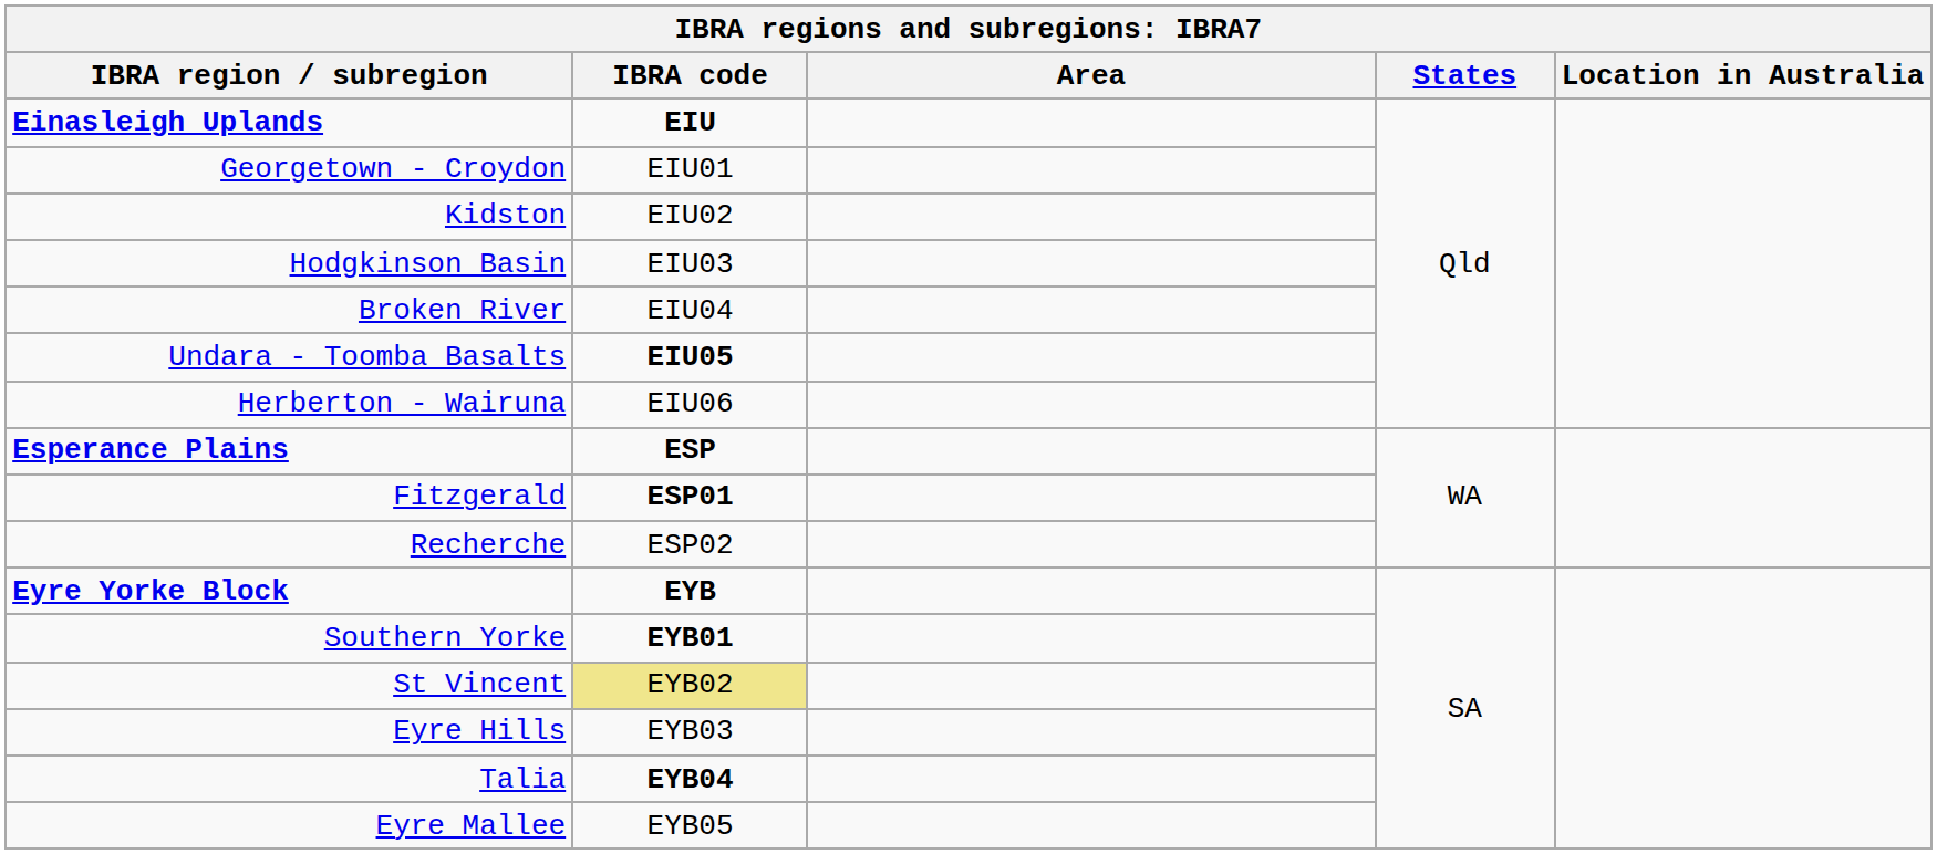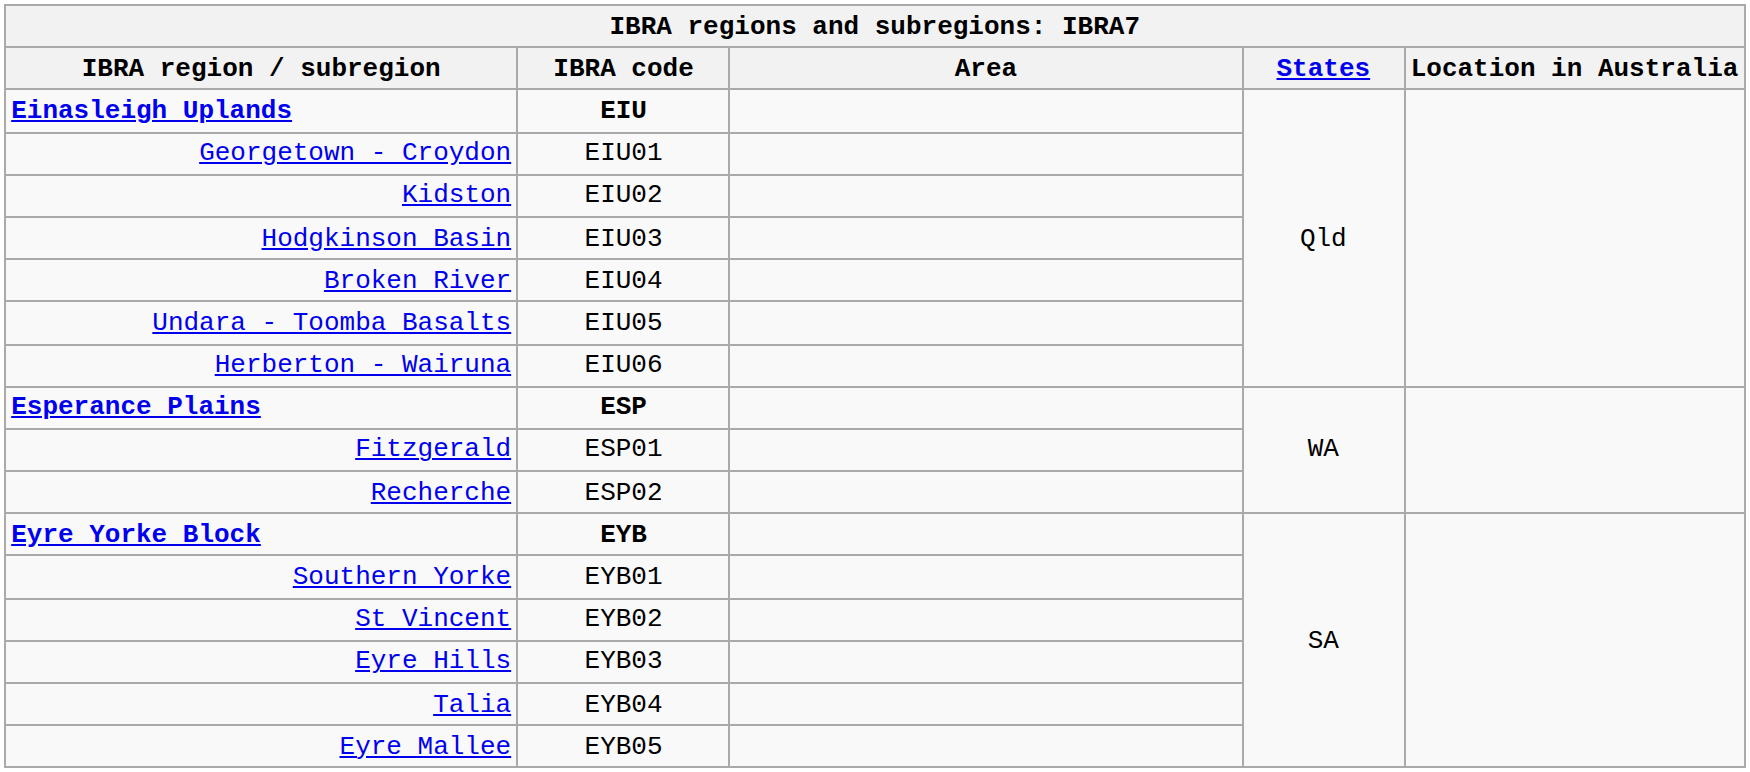 <table class="wikitable sortable">
 <tr>
 <th rowwidth=100px colspan=5>IBRA regions and subregions: IBRA7</th>
 </tr>
 <tr>
 <th scope="col" style="width:250px;">IBRA region / subregion</th>
 <th scope="col" style="width:100px;">IBRA code</th>
 <th scope="col" style="width:250px;">Area</th>
 <th scope="col" style="width:75px;"><a href='#'>States</a></th>
 <th>Location in Australia</th>
 </tr>
 <tr>
 <td><strong><a href='#'>Einasleigh Uplands</a></strong></td>
 <td style="text-align:center;"><strong>EIU</strong></td>
 <td align="right"><strong></strong></td>
 <td style="text-align:center;" rowspan="7">Qld</td>
 <td style="text-align:center;" rowspan="7"></td>
 </tr>
 <tr>
 <td align="right"><a href='#'>Georgetown - Croydon</a></td>
 <td style="text-align:center;">EIU01</td>
 <td align="right"></td>
 </tr>
 <tr>
 <td align="right"><a href='#'>Kidston</a></td>
 <td style="text-align:center;">EIU02</td>
 <td align="right"></td>
 </tr>
 <tr>
 <td align="right"><a href='#'>Hodgkinson Basin</a></td>
 <td style="text-align:center;">EIU03</td>
 <td align="right"></td>
 </tr>
 <tr>
 <td align="right"><a href='#'>Broken River</a></td>
 <td style="text-align:center;">EIU04</td>
 <td align="right"></td>
 </tr>
 <tr>
 <td align="right"><a href='#'>Undara - Toomba Basalts</a></td>
-<td style="text-align:center;"><strong>EIU05</strong></td>
+<td style="text-align:center;">EIU05</td>
 <td align="right"></td>
 </tr>
 <tr>
 <td align="right"><a href='#'>Herberton - Wairuna</a></td>
 <td style="text-align:center;">EIU06</td>
 <td align="right"></td>
 </tr>
 <tr>
 <td><strong><a href='#'>Esperance Plains</a></strong></td>
 <td style="text-align:center;"><strong>ESP</strong></td>
 <td align="right"><strong></strong></td>
 <td style="text-align:center;" rowspan="3">WA</td>
 <td style="text-align:center;" rowspan="3"></td>
 </tr>
 <tr>
 <td align="right"><a href='#'>Fitzgerald</a></td>
-<td style="text-align:center;"><strong>ESP01</strong></td>
+<td style="text-align:center;">ESP01</td>
 <td align="right"></td>
 </tr>
 <tr>
 <td align="right"><a href='#'>Recherche</a></td>
 <td style="text-align:center;">ESP02</td>
 <td align="right"></td>
 </tr>
 <tr>
 <td><strong><a href='#'>Eyre Yorke Block</a></strong></td>
 <td style="text-align:center;"><strong>EYB</strong></td>
 <td align="right"><strong></strong></td>
 <td style="text-align:center;" rowspan="6">SA</td>
 <td style="text-align:center;" rowspan="6"></td>
 </tr>
 <tr>
 <td align="right"><a href='#'>Southern Yorke</a></td>
-<td style="text-align:center;"><strong>EYB01</strong></td>
+<td style="text-align:center;">EYB01</td>
 <td align="right"></td>
 </tr>
 <tr>
 <td align="right"><a href='#'>St Vincent</a></td>
-<td style="background: khaki; text-align:center;">EYB02</td>
+<td style="text-align:center;">EYB02</td>
 <td align="right"></td>
 </tr>
 <tr>
 <td align="right"><a href='#'>Eyre Hills</a></td>
 <td style="text-align:center;">EYB03</td>
 <td align="right"></td>
 </tr>
 <tr>
 <td align="right"><a href='#'>Talia</a></td>
-<td style="text-align:center;"><strong>EYB04</strong></td>
+<td style="text-align:center;">EYB04</td>
 <td align="right"></td>
 </tr>
 <tr>
 <td align="right"><a href='#'>Eyre Mallee</a></td>
 <td style="text-align:center;">EYB05</td>
 <td align="right"></td>
 </tr>
 </table>
